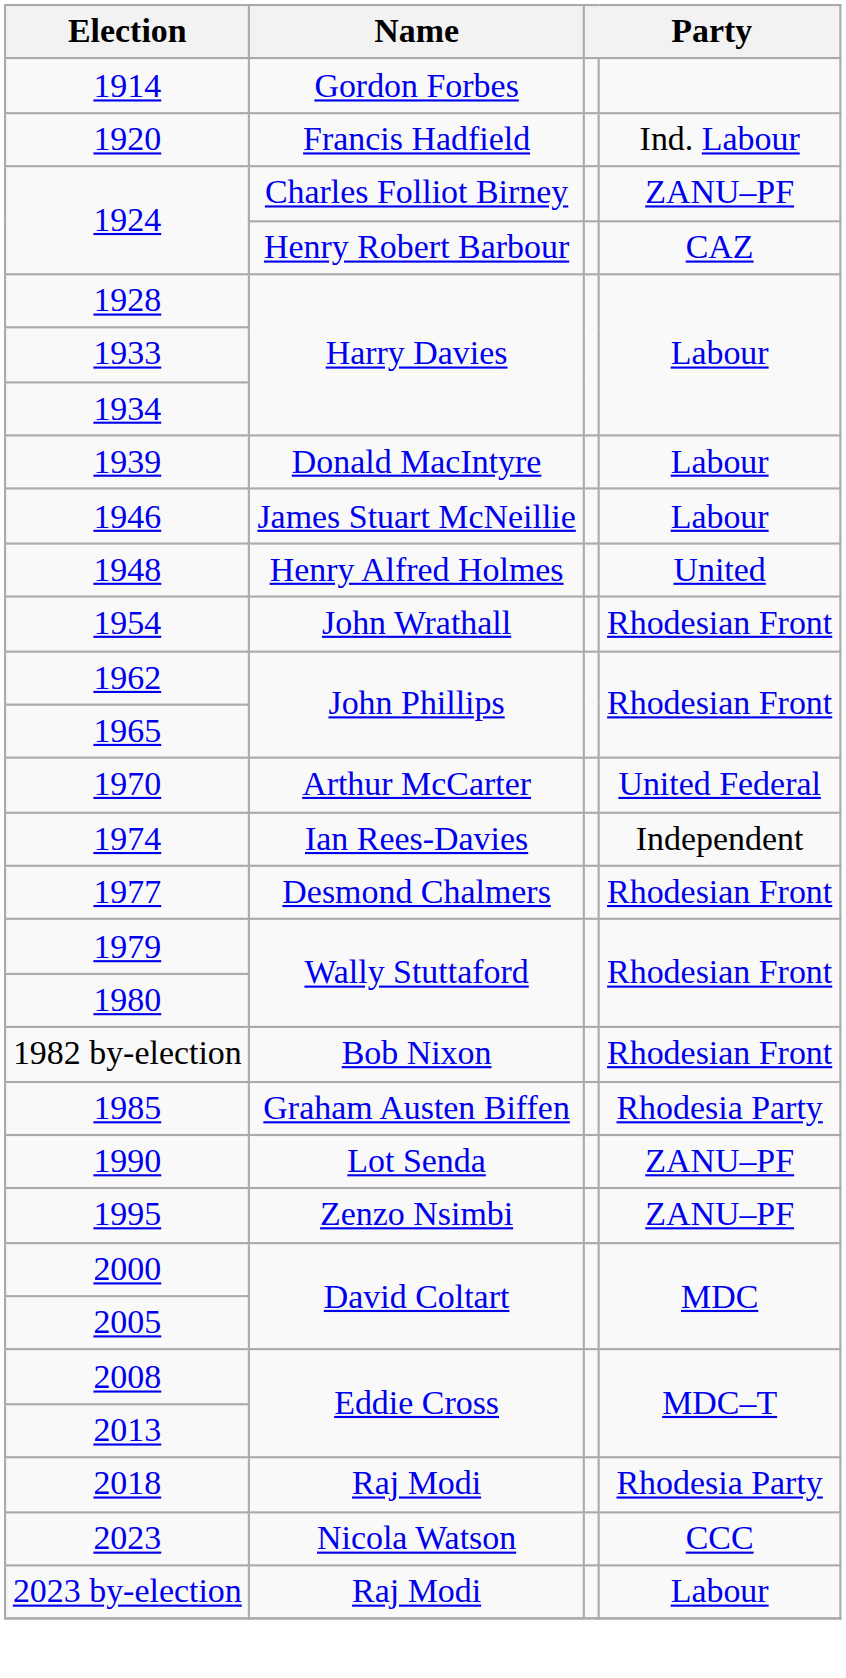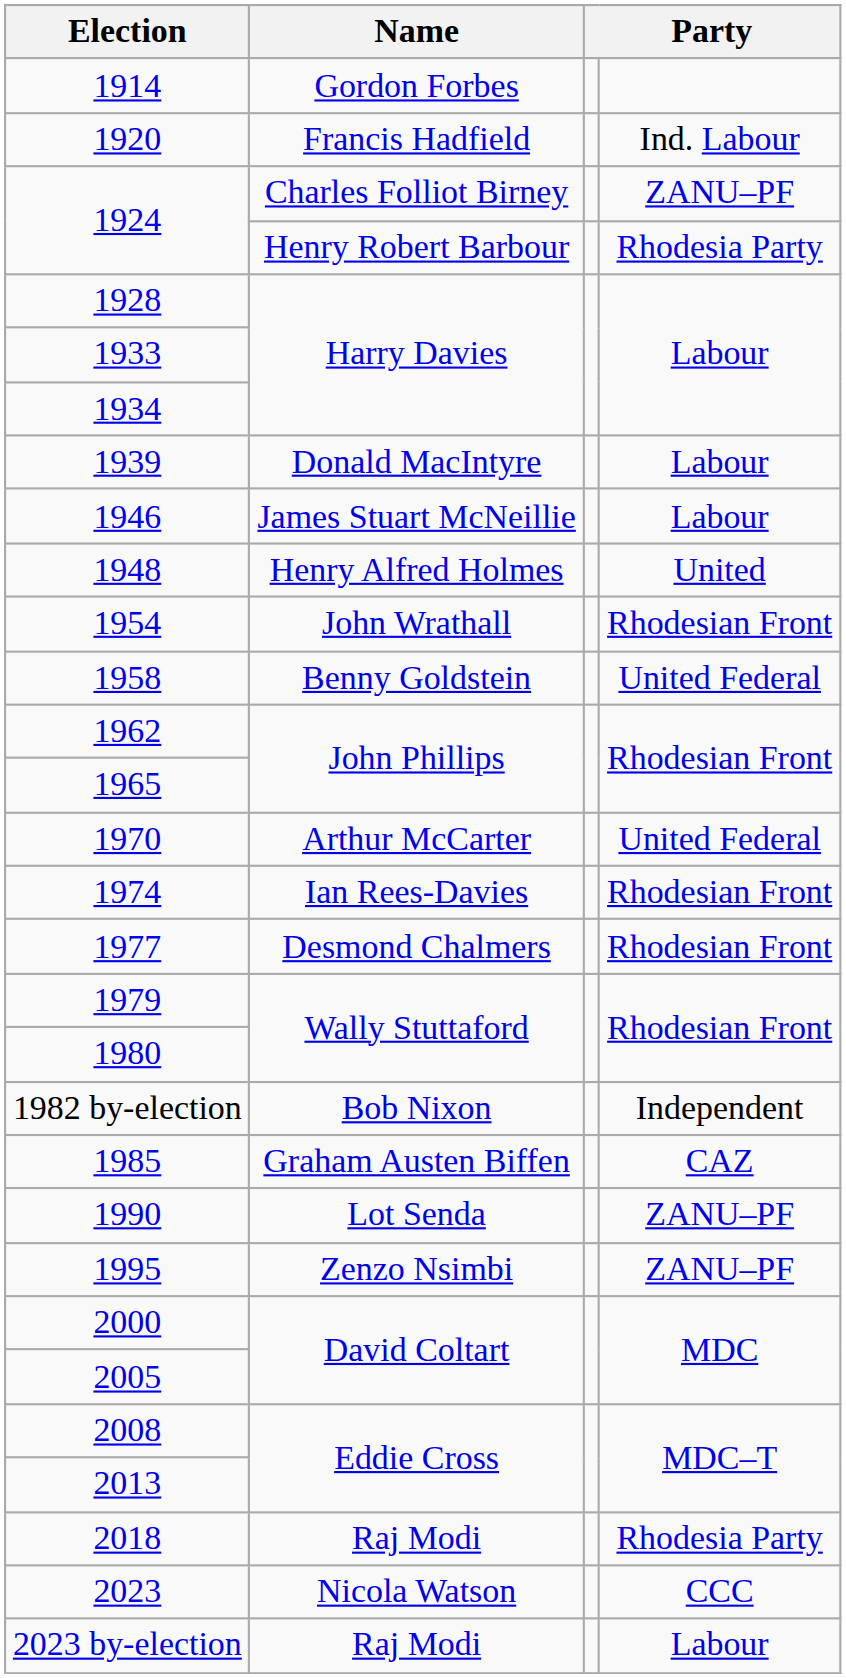 <table class="wikitable" style="text-align:center">
 <tr>
 <th>Election</th>
 <th>Name</th>
 <th colspan="2">Party</th>
 </tr>
 <tr>
 <td><a href='#'>1914</a></td>
 <td><a href='#'>Gordon Forbes</a></td>
 <td></td>
 <td></td>
 </tr>
 <tr>
 <td><a href='#'>1920</a></td>
 <td><a href='#'>Francis Hadfield</a></td>
 <td style="background-color: "></td>
 <td>Ind. <a href='#'>Labour</a></td>
 </tr>
 <tr>
 <td rowspan="2"><a href='#'>1924</a></td>
 <td><a href='#'>Charles Folliot Birney</a></td>
 <td style="background-color: "></td>
 <td><a href='#'>ZANU–PF</a></td>
 </tr>
 <tr>
 <td><a href='#'>Henry Robert Barbour</a></td>
 <td style="background-color: "></td>
-<td><a href='#'>CAZ</a></td>
+<td><a href='#'>Rhodesia Party</a></td>
 </tr>
 <tr>
 <td><a href='#'>1928</a></td>
 <td rowspan="3"><a href='#'>Harry Davies</a></td>
 <td rowspan="3" style="background-color: "></td>
 <td rowspan="3"><a href='#'>Labour</a></td>
 </tr>
 <tr>
 <td><a href='#'>1933</a></td>
 </tr>
 <tr>
 <td><a href='#'>1934</a></td>
 </tr>
 <tr>
 <td><a href='#'>1939</a></td>
 <td><a href='#'>Donald MacIntyre</a></td>
 <td style="background-color: "></td>
 <td><a href='#'>Labour</a></td>
 </tr>
 <tr>
 <td><a href='#'>1946</a></td>
 <td><a href='#'>James Stuart McNeillie</a></td>
 <td style="background-color: "></td>
 <td><a href='#'>Labour</a></td>
 </tr>
 <tr>
 <td><a href='#'>1948</a></td>
 <td><a href='#'>Henry Alfred Holmes</a></td>
 <td style="background-color: "></td>
 <td><a href='#'>United</a></td>
 </tr>
 <tr>
 <td><a href='#'>1954</a></td>
 <td><a href='#'>John Wrathall</a></td>
 <td style="background-color: "></td>
 <td><a href='#'>Rhodesian Front</a></td>
 </tr>
 <tr>
+<td><a href='#'>1958</a></td>
+<td><a href='#'>Benny Goldstein</a></td>
+<td style="background-color: "></td>
+<td><a href='#'>United Federal</a></td>
+</tr>
+<tr>
 <td><a href='#'>1962</a></td>
 <td rowspan="2"><a href='#'>John Phillips</a></td>
 <td rowspan="2" style="background-color: "></td>
 <td rowspan="2"><a href='#'>Rhodesian Front</a></td>
 </tr>
 <tr>
 <td><a href='#'>1965</a></td>
 </tr>
 <tr>
 <td><a href='#'>1970</a></td>
 <td><a href='#'>Arthur McCarter</a></td>
 <td style="background-color: "></td>
 <td><a href='#'>United Federal</a></td>
 </tr>
 <tr>
 <td><a href='#'>1974</a></td>
 <td><a href='#'>Ian Rees-Davies</a></td>
 <td style="background-color: "></td>
-<td>Independent</td>
+<td><a href='#'>Rhodesian Front</a></td>
 </tr>
 <tr>
 <td><a href='#'>1977</a></td>
 <td><a href='#'>Desmond Chalmers</a></td>
 <td style="background-color: "></td>
 <td><a href='#'>Rhodesian Front</a></td>
 </tr>
 <tr>
 <td><a href='#'>1979</a></td>
 <td rowspan="2"><a href='#'>Wally Stuttaford</a></td>
 <td rowspan="2" style="background-color: "></td>
 <td rowspan="2"><a href='#'>Rhodesian Front</a></td>
 </tr>
 <tr>
 <td><a href='#'>1980</a></td>
 </tr>
 <tr>
 <td>1982 by-election</td>
 <td><a href='#'>Bob Nixon</a></td>
 <td style="background-color: "></td>
-<td><a href='#'>Rhodesian Front</a></td>
+<td>Independent</td>
 </tr>
 <tr>
 <td><a href='#'>1985</a></td>
 <td><a href='#'>Graham Austen Biffen</a></td>
 <td style="background-color: "></td>
-<td><a href='#'>Rhodesia Party</a></td>
+<td><a href='#'>CAZ</a></td>
 </tr>
 <tr>
 <td><a href='#'>1990</a></td>
 <td><a href='#'>Lot Senda</a></td>
 <td style="background-color: "></td>
 <td><a href='#'>ZANU–PF</a></td>
 </tr>
 <tr>
 <td><a href='#'>1995</a></td>
 <td><a href='#'>Zenzo Nsimbi</a></td>
 <td style="background-color: "></td>
 <td><a href='#'>ZANU–PF</a></td>
 </tr>
 <tr>
 <td><a href='#'>2000</a></td>
 <td rowspan="2"><a href='#'>David Coltart</a></td>
 <td rowspan="2" style="background-color: "></td>
 <td rowspan="2"><a href='#'>MDC</a></td>
 </tr>
 <tr>
 <td><a href='#'>2005</a></td>
 </tr>
 <tr>
 <td><a href='#'>2008</a></td>
 <td rowspan="2"><a href='#'>Eddie Cross</a></td>
 <td rowspan="2" style="background-color: "></td>
 <td rowspan="2"><a href='#'>MDC–T</a></td>
 </tr>
 <tr>
 <td><a href='#'>2013</a></td>
 </tr>
 <tr>
 <td><a href='#'>2018</a></td>
 <td><a href='#'>Raj Modi</a></td>
 <td style="background-color: "></td>
 <td><a href='#'>Rhodesia Party</a></td>
 </tr>
 <tr>
 <td><a href='#'>2023</a></td>
 <td><a href='#'>Nicola Watson</a></td>
 <td style="background-color: "></td>
 <td><a href='#'>CCC</a></td>
 </tr>
 <tr>
 <td><a href='#'>2023 by-election</a></td>
 <td><a href='#'>Raj Modi</a></td>
 <td style="background-color: "></td>
 <td><a href='#'>Labour</a></td>
 </tr>
 <tr>
 </tr>
 </table>
